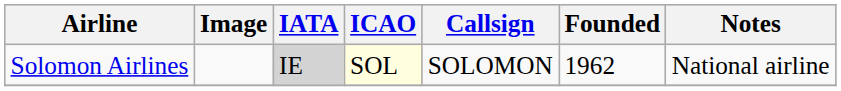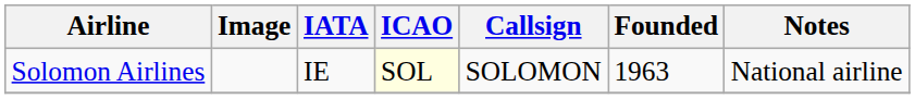 <table class="wikitable sortable">
 <tr valign="middle">
 <th>Airline</th>
 <th>Image</th>
 <th><a href='#'>IATA</a></th>
 <th><a href='#'>ICAO</a></th>
 <th><a href='#'>Callsign</a></th>
 <th>Founded</th>
 <th>Notes</th>
 </tr>
 <tr>
 <td><a href='#'>Solomon Airlines</a></td>
 <td></td>
-<td style="background: lightgrey;">IE</td>
+<td>IE</td>
 <td style="background: lightyellow;">SOL</td>
 <td>SOLOMON</td>
-<td>1962</td>
+<td>1963</td>
 <td>National airline</td>
 </tr>
 <tr>
 </tr>
 </table>
